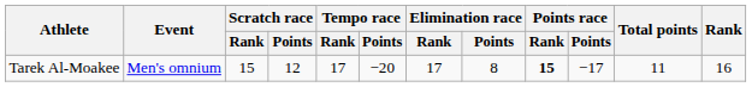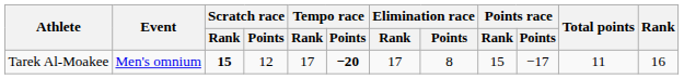 <table class=wikitable style=font-size:90%;text-align:center>
 <tr>
 <th rowspan="2">Athlete</th>
 <th rowspan="2">Event</th>
 <th colspan=2>Scratch race</th>
 <th colspan=2>Tempo race</th>
 <th colspan=2>Elimination race</th>
 <th colspan=2>Points race</th>
 <th rowspan=2>Total points</th>
 <th rowspan=2>Rank</th>
 </tr>
 <tr style="font-size:95%">
 <th>Rank</th>
 <th>Points</th>
 <th>Rank</th>
 <th>Points</th>
 <th>Rank</th>
 <th>Points</th>
 <th>Rank</th>
 <th>Points</th>
 </tr>
 <tr>
 <td align=left>Tarek Al-Moakee</td>
 <td align=left><a href='#'>Men's omnium</a></td>
-<td>15</td>
+<td><strong>15</strong></td>
 <td>12</td>
 <td>17</td>
-<td>−20</td>
+<td><strong>−20</strong></td>
 <td>17</td>
 <td>8</td>
-<td><strong>15</strong></td>
+<td>15</td>
 <td>−17</td>
 <td>11</td>
 <td>16</td>
 </tr>
 </table>
